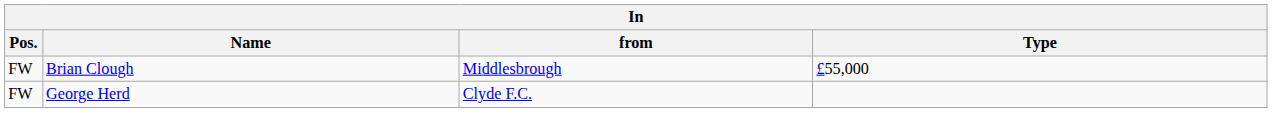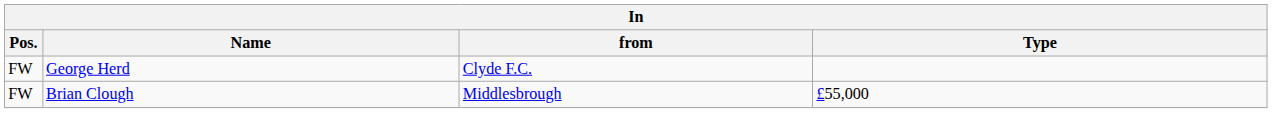 <table class="wikitable" style="font-size:100%;width:99%;">
 <tr>
 <th colspan="4">In</th>
 </tr>
 <tr>
 <th width=3%>Pos.</th>
 <th width=33%>Name</th>
 <th width=28%>from</th>
 <th width=36%>Type</th>
 </tr>
 <tr>
 <td>FW</td>
+<td><a href='#'>George Herd</a></td>
+<td><a href='#'>Clyde F.C.</a></td>
+<td></td>
+</tr>
+<tr>
+<td>FW</td>
 <td><a href='#'>Brian Clough</a></td>
 <td><a href='#'>Middlesbrough</a></td>
 <td><a href='#'>£</a>55,000</td>
 </tr>
 <tr>
-<td>FW</td>
-<td><a href='#'>George Herd</a></td>
-<td><a href='#'>Clyde F.C.</a></td>
-<td></td>
-</tr>
-<tr>
 </tr>
 </table>
